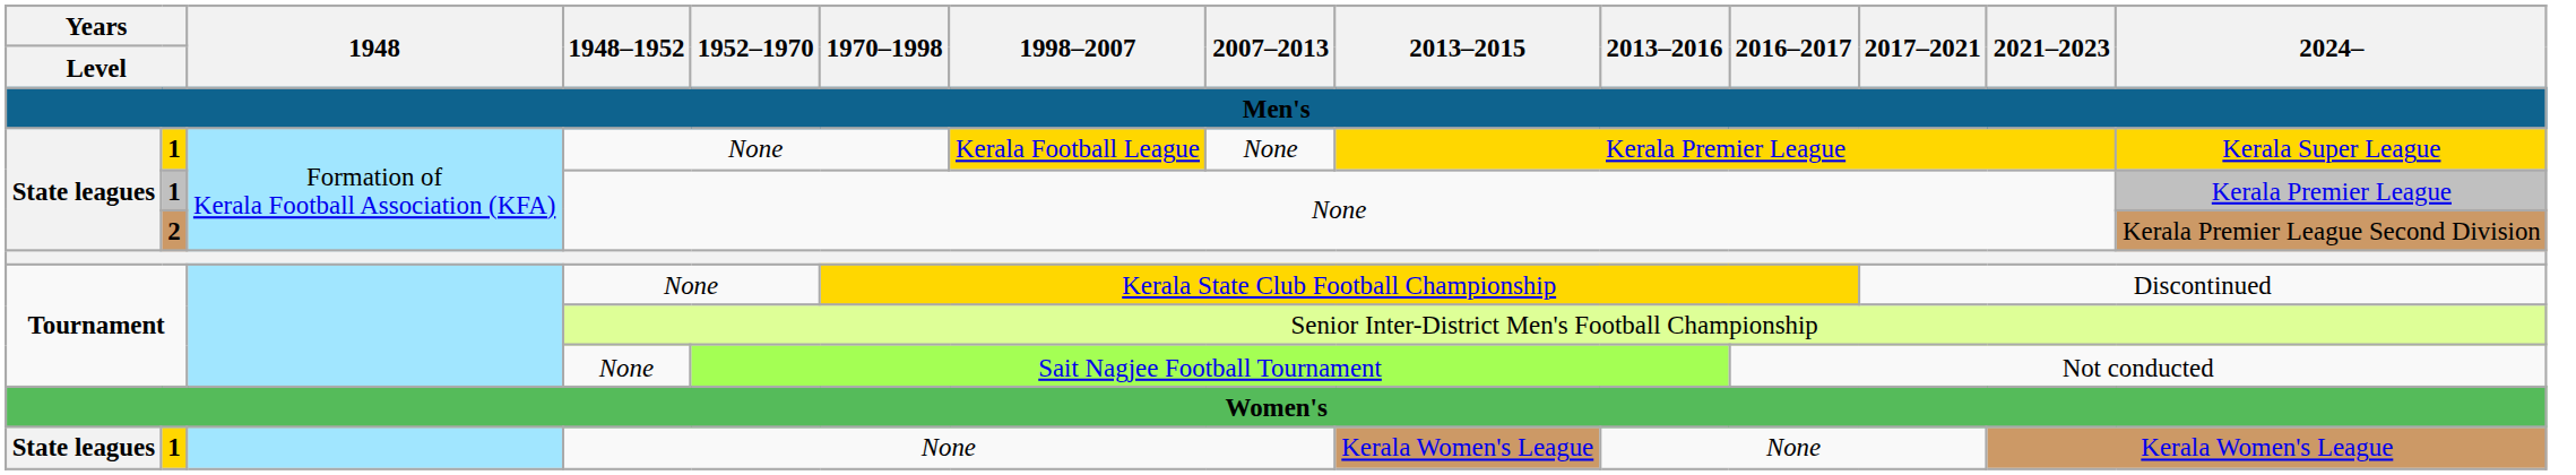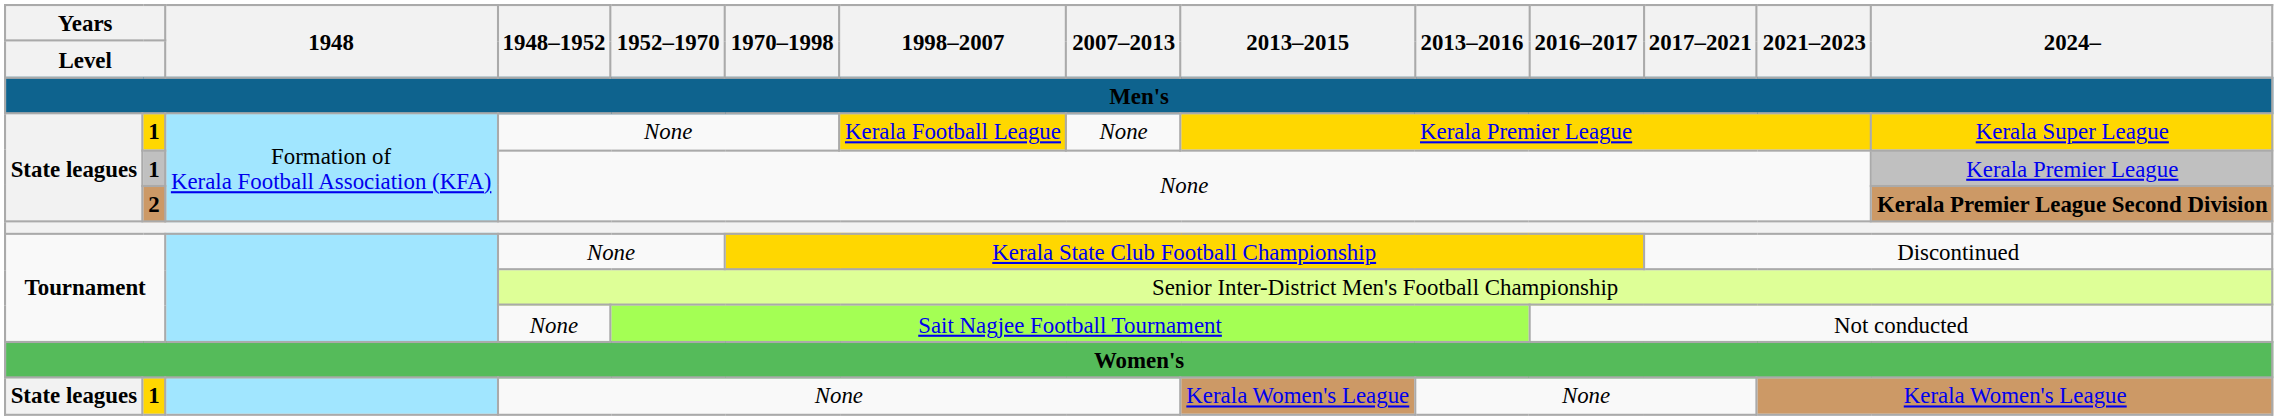 <table class="wikitable" style="text-align: center; font-size: 11px ;">
 <tr>
 <th colspan="2">Years</th>
 <th rowspan="2">1948</th>
 <th rowspan="2">1948–1952</th>
 <th rowspan="2">1952–1970</th>
 <th rowspan="2">1970–1998</th>
 <th rowspan="2">1998–2007</th>
 <th rowspan="2">2007–2013</th>
 <th rowspan="2">2013–2015</th>
 <th rowspan="2">2013–2016</th>
 <th rowspan="2">2016–2017</th>
 <th rowspan="2">2017–2021</th>
 <th rowspan="2">2021–2023</th>
 <th rowspan="2">2024–</th>
 </tr>
 <tr>
 <th colspan="2"><strong>Level</strong></th>
 </tr>
 <tr>
 <td colspan="14" bgcolor="#0e638e"><strong>Men's</strong></td>
 </tr>
 <tr>
 <th rowspan="3">State leagues</th>
 <td bgcolor="gold"><strong>1</strong></td>
 <td rowspan="3" bgcolor="#A1E6FF">Formation of <br> <a href='#'>Kerala Football Association (KFA)</a></td>
 <td colspan="3"><em>None</em></td>
 <td bgcolor="gold"><a href='#'>Kerala Football League</a></td>
 <td><em>None</em></td>
 <td colspan="5" bgcolor="gold"><a href='#'>Kerala Premier League</a></td>
 <td bgcolor="gold"><a href='#'>Kerala Super League</a></td>
 </tr>
 <tr>
 <td bgcolor="silver"><strong>1</strong></td>
 <td colspan="10" rowspan="2"><em>None</em></td>
 <td bgcolor="silver"><a href='#'>Kerala Premier League</a></td>
 </tr>
 <tr>
 <td bgcolor="#cc9966"><strong>2</strong></td>
-<td bgcolor="#cc9966">Kerala Premier League Second Division</td>
+<td bgcolor="#cc9966"><strong>Kerala Premier League Second Division</strong></td>
 </tr>
 <tr>
 <th colspan="14"></th>
 </tr>
 <tr>
 <td colspan="2" rowspan="3"><strong>Tournament</strong></td>
 <td rowspan="3" bgcolor="#A1E6FF"></td>
 <td colspan="2"><em>None</em></td>
 <td colspan="6" bgcolor="gold"><a href='#'>Kerala State Club Football Championship</a></td>
 <td colspan="3">Discontinued</td>
 </tr>
 <tr>
 <td colspan="11" bgcolor="#DEFF97">Senior Inter-District Men's Football Championship</td>
 </tr>
 <tr>
 <td><em>None</em></td>
 <td colspan="6" bgcolor="#A4FF54"><a href='#'>Sait Nagjee Football Tournament</a></td>
 <td colspan="4">Not conducted</td>
 </tr>
 <tr>
 <td colspan="14" bgcolor="#55bb5a"><strong>Women's</strong></td>
 </tr>
 <tr>
 <th rowspan="3">State leagues</th>
 <td bgcolor="gold"><strong>1</strong></td>
 <td bgcolor="#A1E6FF"></td>
 <td colspan="5"><em>None</em></td>
 <td bgcolor="#cc9966"><a href='#'>Kerala Women's League</a></td>
 <td colspan="3"><em>None</em></td>
 <td colspan="2" bgcolor="#cc9966"><a href='#'>Kerala Women's League</a></td>
 </tr>
 </table>
